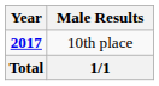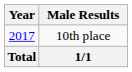 <table class="wikitable" style="text-align: center;">
 <tr>
 <th>Year</th>
 <th width="100">Male Results</th>
 </tr>
 <tr ->
-<td><strong> <a href='#'>2017</a></strong></td>
+<td> <a href='#'>2017</a></td>
 <td>10th place</td>
 </tr>
 <tr>
 <th>Total</th>
 <th>1/1</th>
 </tr>
 </table>
